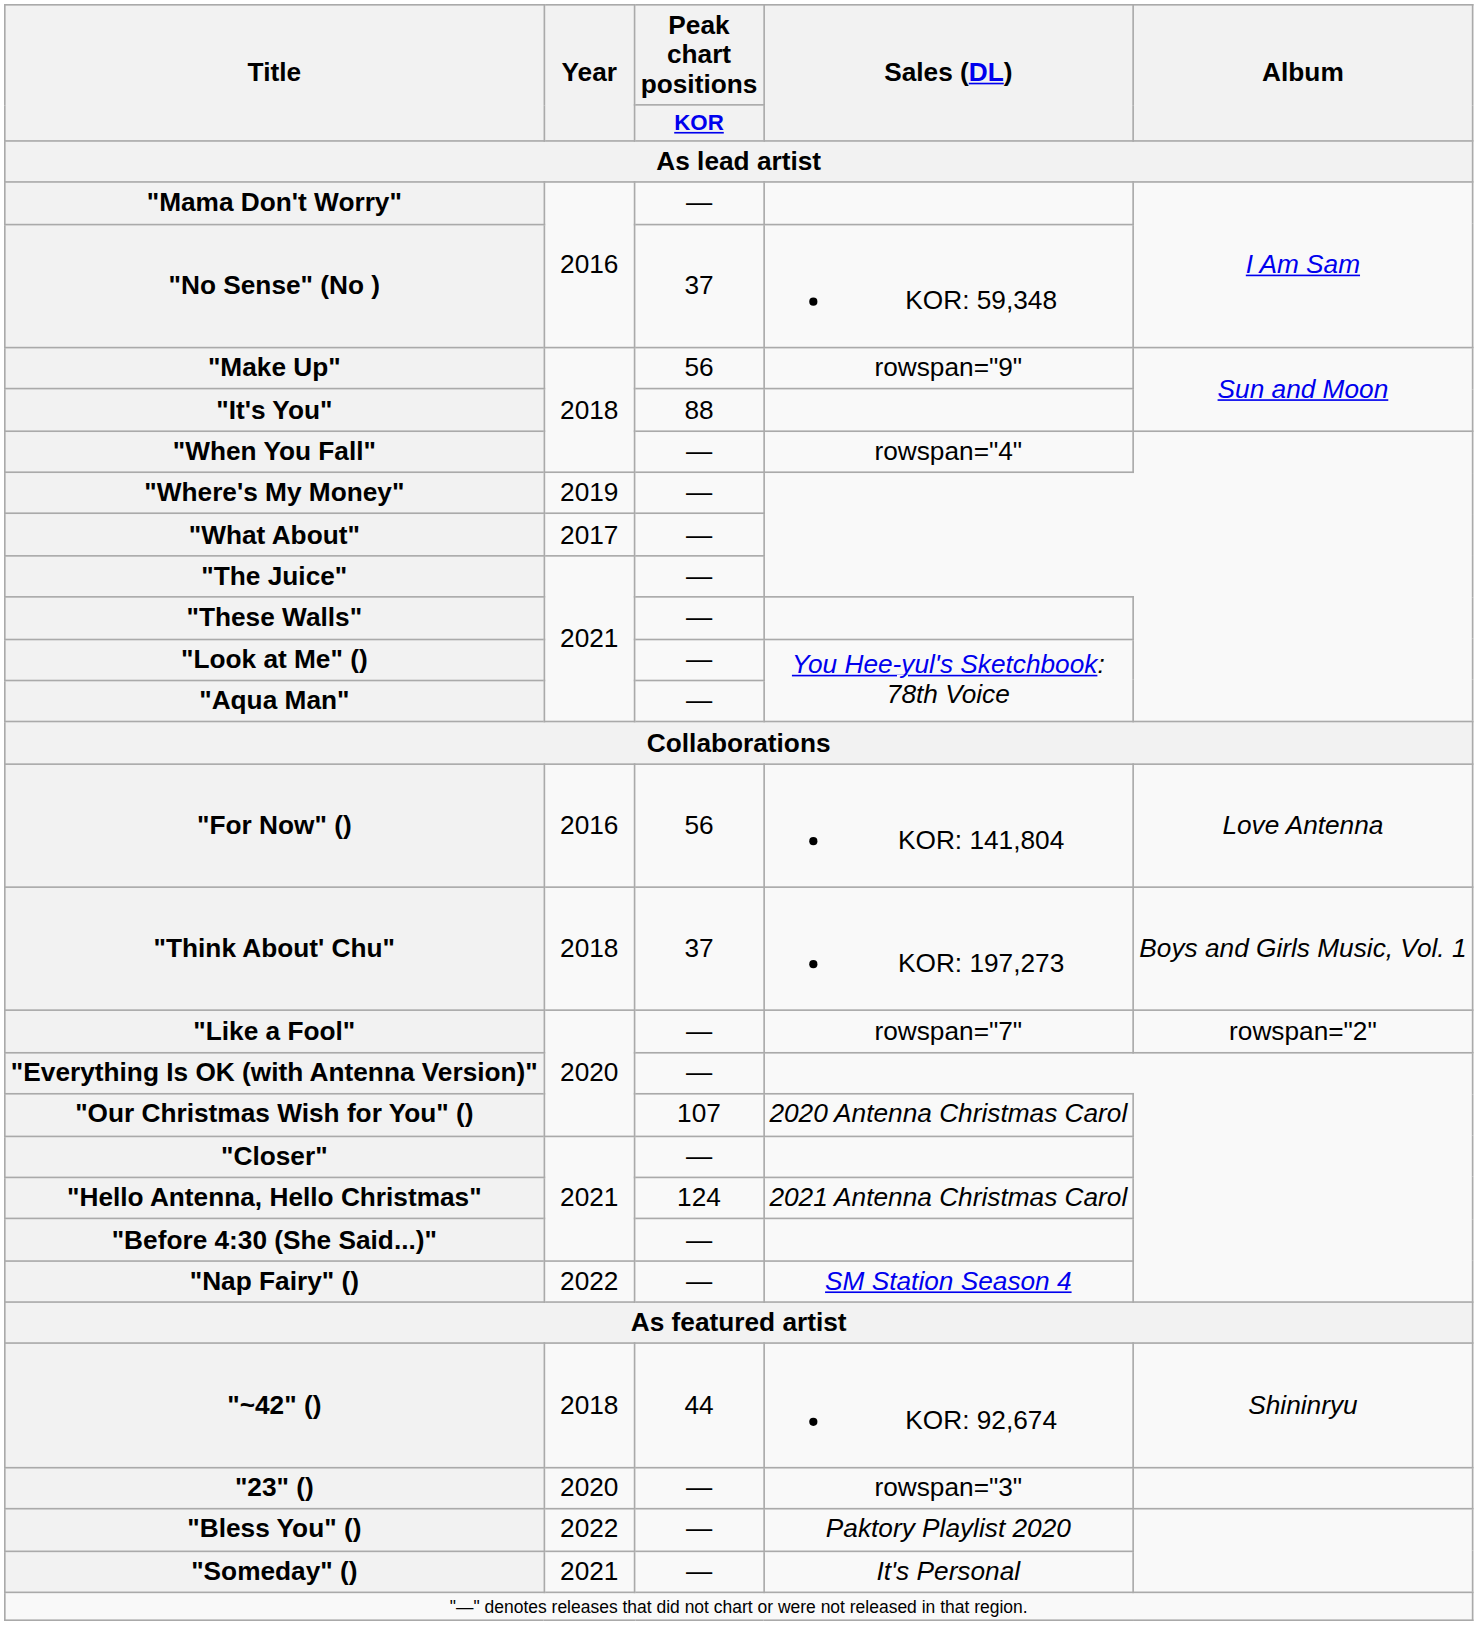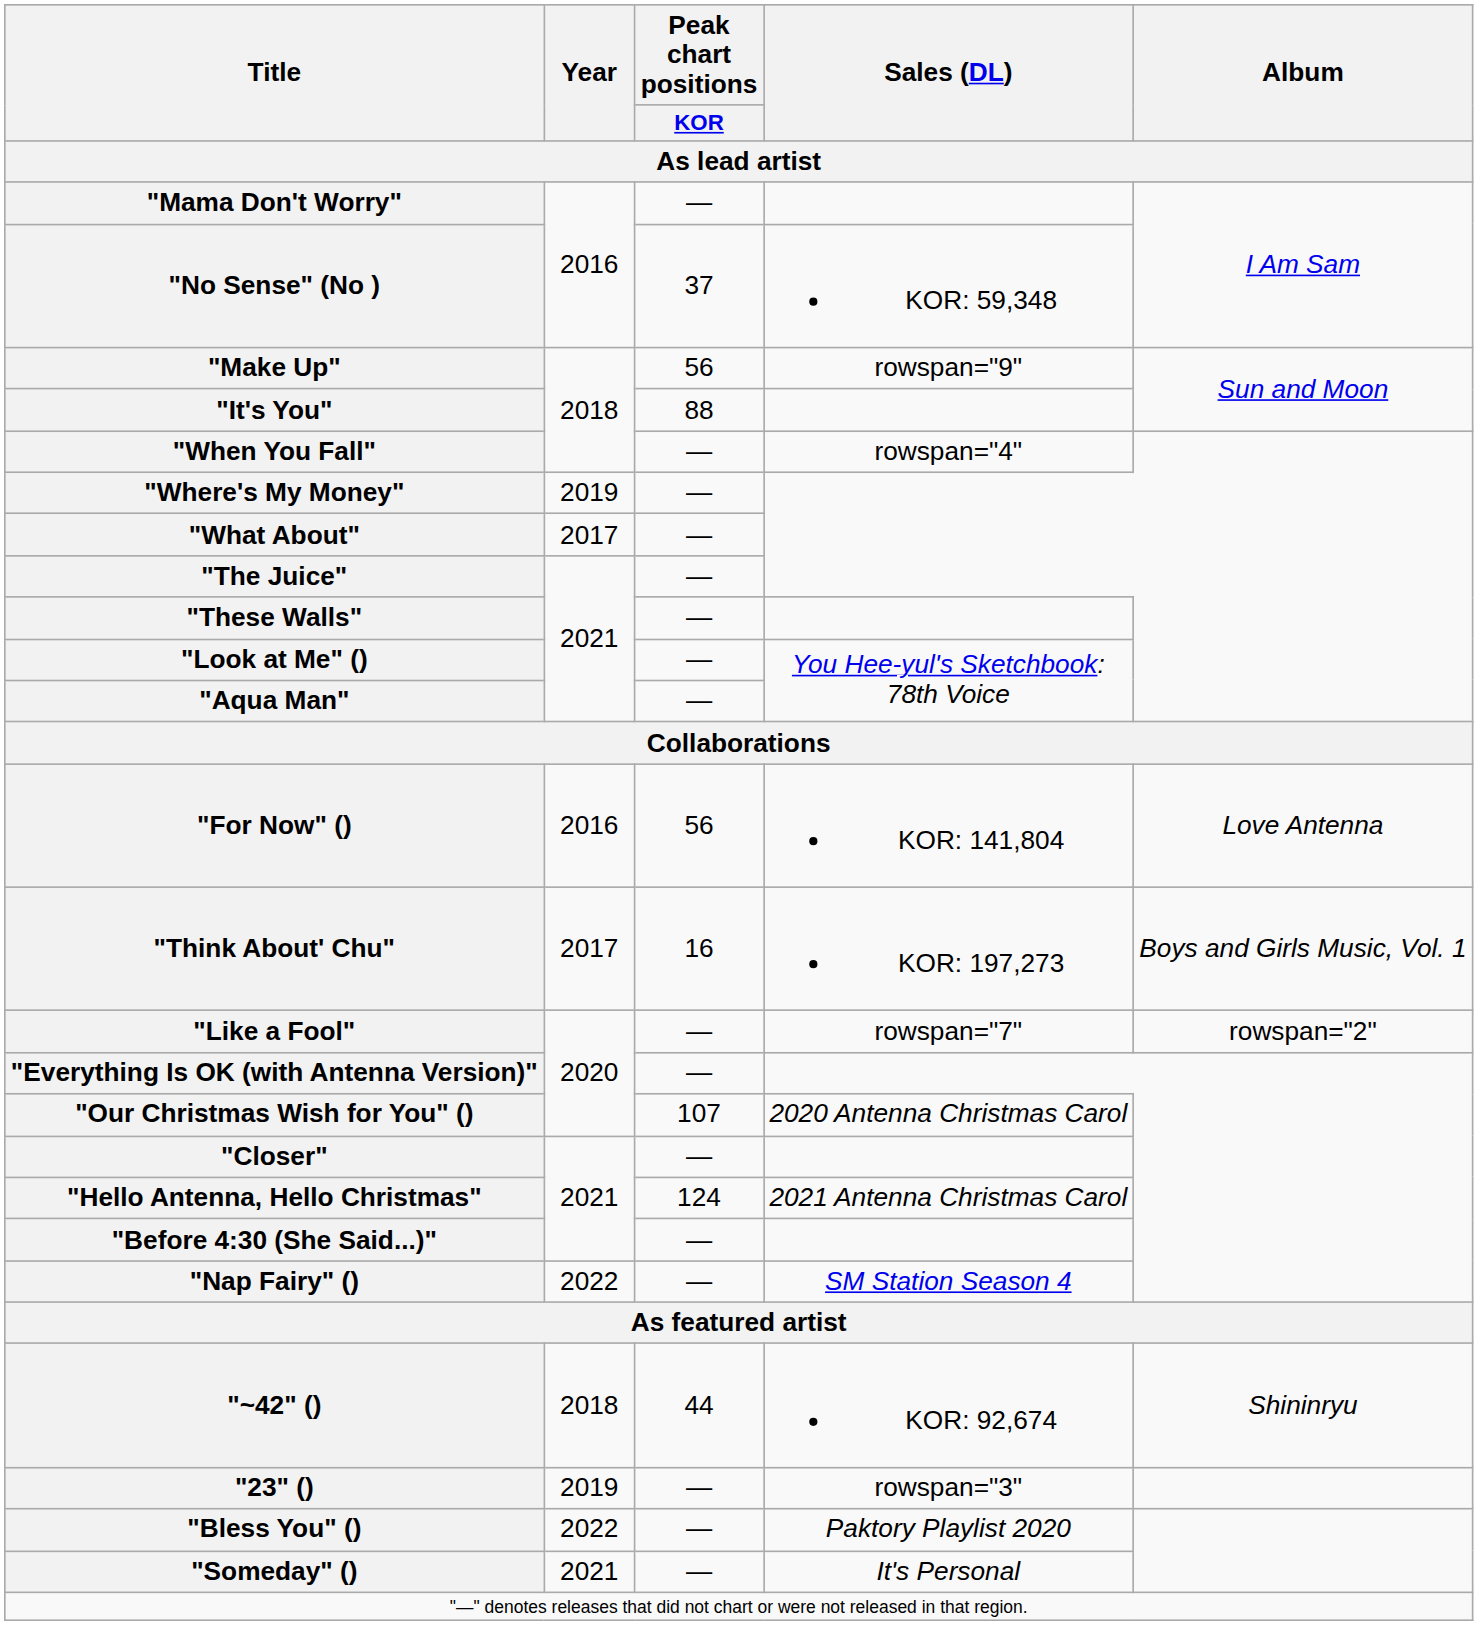 <table class="wikitable plainrowheaders" style="text-align:center;">
 <tr>
 <th scope="col" rowspan="2">Title</th>
 <th scope="col" rowspan="2" style="width:3em">Year</th>
 <th scope="col">Peak chart positions</th>
 <th scope="col" rowspan="2">Sales (<a href='#'>DL</a>)</th>
 <th scope="col" rowspan="2">Album</th>
 </tr>
 <tr>
 <th style="width:3em;font-size:85%;"><a href='#'>KOR</a><br></th>
 </tr>
 <tr>
 <th colspan="5">As lead artist</th>
 </tr>
 <tr>
 <th scope="row">"Mama Don't Worry"</th>
 <td rowspan="2">2016</td>
 <td>—</td>
 <td></td>
 <td rowspan="2"><em><a href='#'>I Am Sam</a></em></td>
 </tr>
 <tr>
 <th scope="row">"No Sense" (No ) </th>
 <td>37</td>
 <td><br><ul><li>KOR: 59,348</li></ul></td>
 </tr>
 <tr>
 <th scope="row">"Make Up" </th>
 <td rowspan="3">2018</td>
 <td>56</td>
 <td>rowspan="9" </td>
 <td rowspan="2"><em><a href='#'>Sun and Moon</a></em></td>
 </tr>
 <tr>
 <th scope="row">"It's You" </th>
 <td>88</td>
 </tr>
 <tr>
 <th scope="row">"When You Fall" </th>
 <td>—</td>
 <td>rowspan="4" </td>
 </tr>
 <tr>
 <th scope="row">"Where's My Money"</th>
 <td rowspan="1">2019</td>
 <td>—</td>
 </tr>
 <tr>
 <th scope="row">"What About" </th>
 <td>2017</td>
 <td>—</td>
 </tr>
 <tr>
 <th scope="row">"The Juice"</th>
 <td rowspan="4">2021</td>
 <td>—</td>
 </tr>
 <tr>
 <th scope="row">"These Walls"</th>
 <td>—</td>
 <td></td>
 </tr>
 <tr>
 <th scope="row">"Look at Me" () </th>
 <td>—</td>
 <td rowspan="2"><em><a href='#'>You Hee-yul's Sketchbook</a>: <br>78th Voice</em></td>
 </tr>
 <tr>
 <th scope="row">"Aqua Man" </th>
 <td>—</td>
 </tr>
 <tr>
 <th colspan="5">Collaborations</th>
 </tr>
 <tr>
 <th scope="row">"For Now" () </th>
 <td>2016</td>
 <td>56</td>
 <td><br><ul><li>KOR: 141,804</li></ul></td>
 <td><em>Love Antenna</em></td>
 </tr>
 <tr>
 <th scope="row">"Think About' Chu" </th>
-<td>2018</td>
-<td>37</td>
+<td>2017</td>
+<td>16</td>
 <td><br><ul><li>KOR: 197,273</li></ul></td>
 <td><em>Boys and Girls Music, Vol. 1</em></td>
 </tr>
 <tr>
 <th scope="row">"Like a Fool" </th>
 <td rowspan="3">2020</td>
 <td>—</td>
 <td>rowspan="7" </td>
 <td>rowspan="2" </td>
 </tr>
 <tr>
 <th scope="row">"Everything Is OK (with Antenna Version)" <br></th>
 <td>—</td>
 </tr>
 <tr>
 <th scope="row">"Our Christmas Wish for You" () <br></th>
 <td>107</td>
 <td><em>2020 Antenna Christmas Carol</em></td>
 </tr>
 <tr>
 <th scope="row">"Closer" </th>
 <td rowspan="3">2021</td>
 <td>—</td>
 <td></td>
 </tr>
 <tr>
 <th scope="row">"Hello Antenna, Hello Christmas" <br></th>
 <td>124</td>
 <td><em>2021 Antenna Christmas Carol</em></td>
 </tr>
 <tr>
 <th scope="row">"Before 4:30 (She Said...)" </th>
 <td>—</td>
 <td></td>
 </tr>
 <tr>
 <th scope="row">"Nap Fairy" () </th>
 <td>2022</td>
 <td>—</td>
 <td><em><a href='#'>SM Station Season 4</a></em></td>
 </tr>
 <tr>
 <th colspan="5">As featured artist</th>
 </tr>
 <tr>
 <th scope="row">"~42" ()</th>
 <td>2018</td>
 <td>44</td>
 <td><br><ul><li>KOR: 92,674</li></ul></td>
 <td><em>Shininryu</em></td>
 </tr>
 <tr>
 <th scope="row">"23" ()</th>
-<td>2020</td>
+<td>2019</td>
 <td>—</td>
 <td>rowspan="3" </td>
 <td></td>
 </tr>
 <tr>
 <th scope="row">"Bless You" ()</th>
 <td>2022</td>
 <td>—</td>
 <td><em>Paktory Playlist 2020</em></td>
 </tr>
 <tr>
 <th scope="row">"Someday" ()</th>
 <td>2021</td>
 <td>—</td>
 <td><em>It's Personal</em></td>
 </tr>
 <tr>
 <td colspan="5" style="font-size:8pt;">"—" denotes releases that did not chart or were not released in that region.</td>
 </tr>
 </table>
